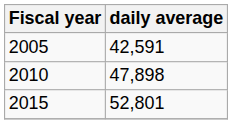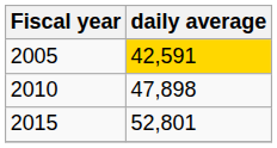 <table class="wikitable">
 <tr>
 <th>Fiscal year</th>
 <th>daily average</th>
 </tr>
 <tr>
 <td>2005</td>
-<td>42,591</td>
+<td style="background: gold;">42,591</td>
 </tr>
 <tr>
 <td>2010</td>
 <td>47,898</td>
 </tr>
 <tr>
 <td>2015</td>
 <td>52,801</td>
 </tr>
 <tr>
 </tr>
 </table>
